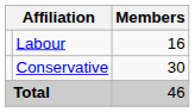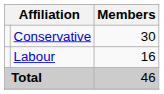 <table class="wikitable">
 <tr>
 <th colspan="2">Affiliation</th>
 <th>Members</th>
 </tr>
 <tr>
 <td style="color:inherit;background:"></td>
-<td><a href='#'>Labour</a></td>
-<td align="right">16</td>
+<td><a href='#'>Conservative</a></td>
+<td align="right">30</td>
 </tr>
 <tr>
 <td style="color:inherit;background:"></td>
-<td><a href='#'>Conservative</a></td>
-<td align="right">30</td>
+<td><a href='#'>Labour</a></td>
+<td align="right">16</td>
 </tr>
 <tr bgcolor="CCCCCC">
 <td colspan="2" rowspan="1"> <strong>Total</strong></td>
 <td align="right">46</td>
 </tr>
 <tr>
 </tr>
 </table>
